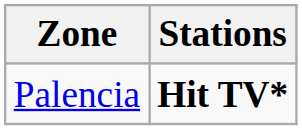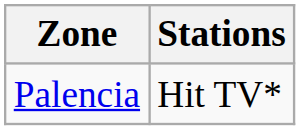 <table class="wikitable">
 <tr>
 <th>Zone</th>
 <th>Stations</th>
 </tr>
 <tr>
 <td><a href='#'>Palencia</a></td>
-<td><strong>Hit TV*</strong></td>
+<td>Hit TV*</td>
 </tr>
 </table>
